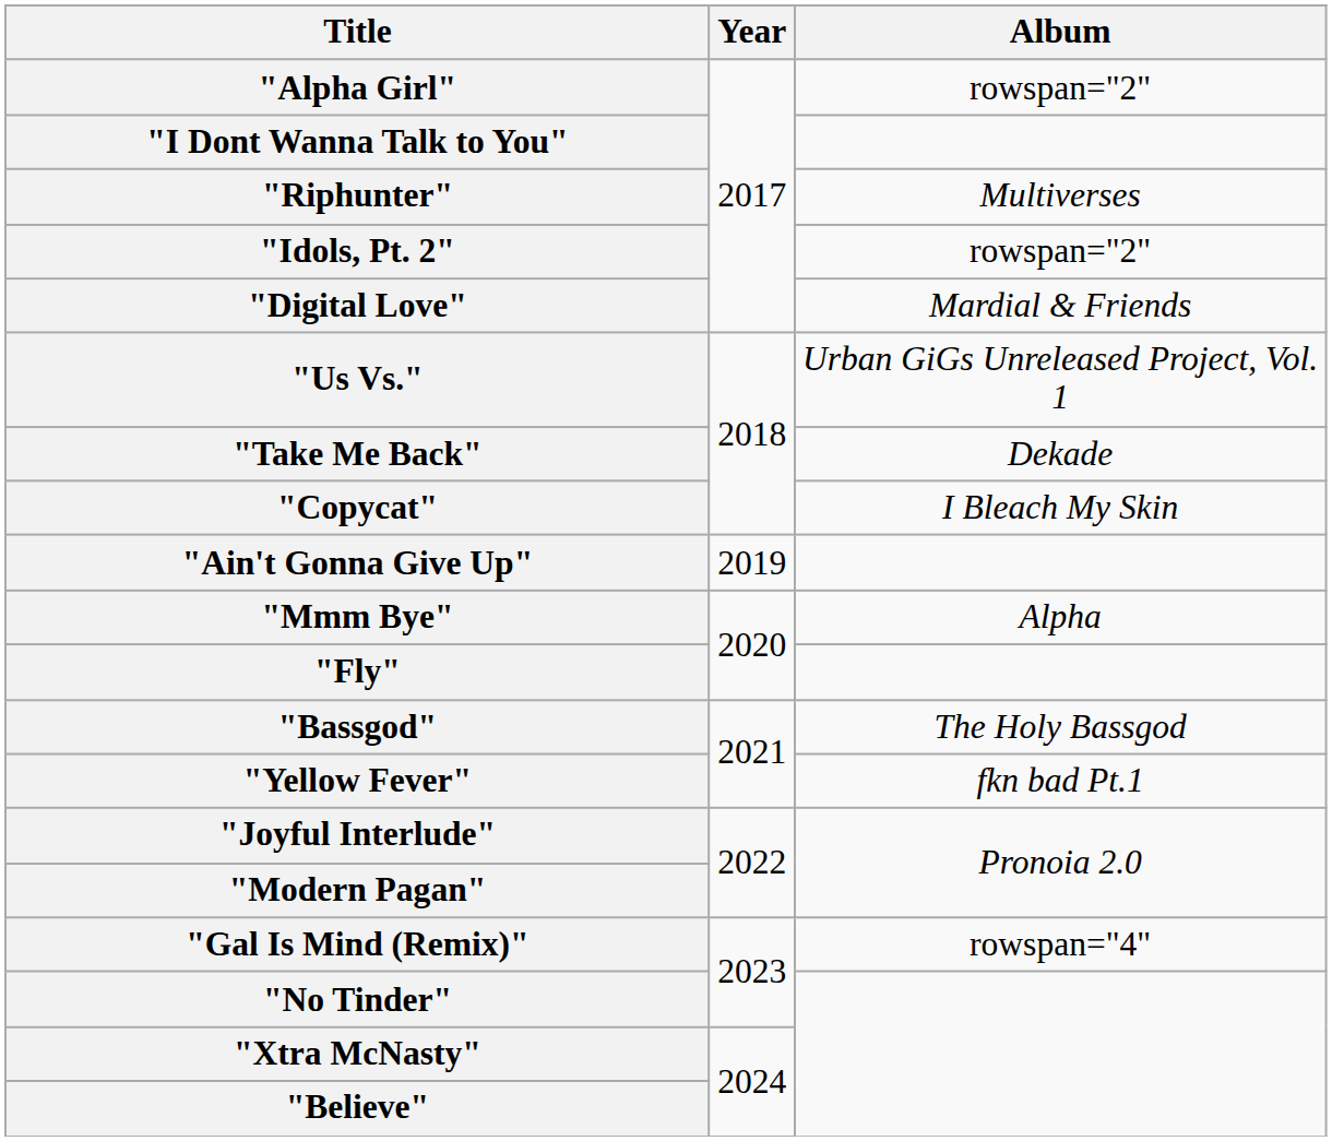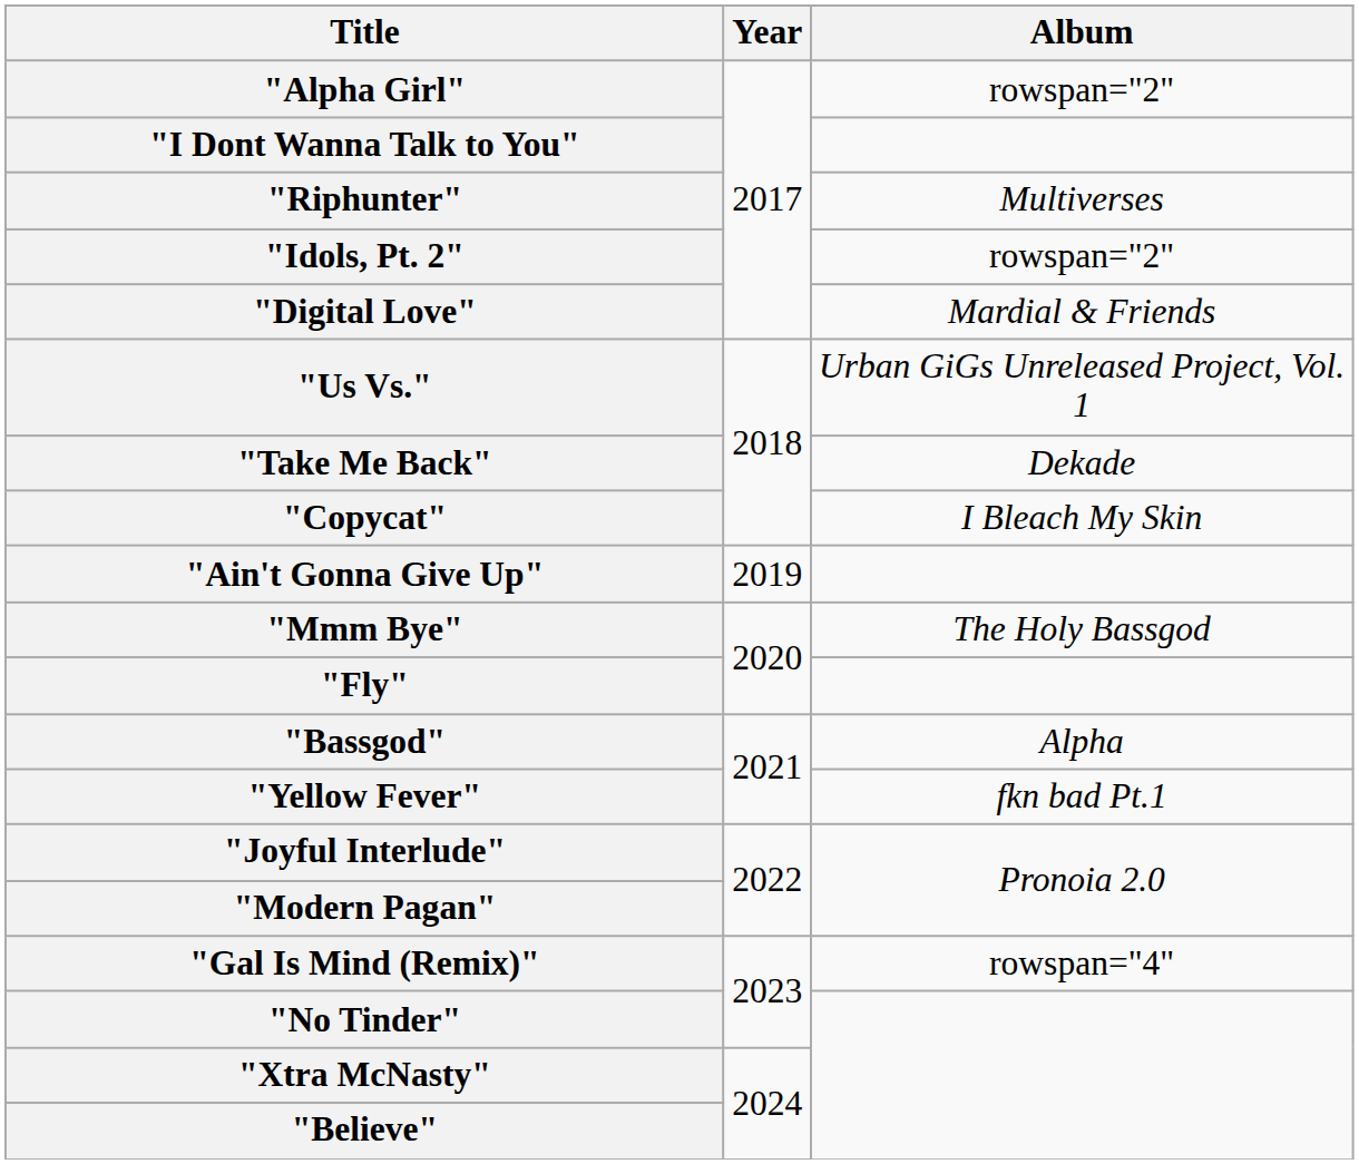 <table class="wikitable plainrowheaders" style="text-align:center">
 <tr>
 <th scope="col" style="width:20em;">Title</th>
 <th scope="col">Year</th>
 <th scope="col" style="width:15em;">Album</th>
 </tr>
 <tr>
 <th scope="row">"Alpha Girl"<br></th>
 <td rowspan="5">2017</td>
 <td>rowspan="2" </td>
 </tr>
 <tr>
 <th scope="row">"I Dont Wanna Talk to You"<br></th>
 </tr>
 <tr>
 <th scope="row">"Riphunter"<br></th>
 <td><em>Multiverses</em></td>
 </tr>
 <tr>
 <th scope="row">"Idols, Pt. 2"<br></th>
 <td>rowspan="2" </td>
 </tr>
 <tr>
 <th scope="row">"Digital Love"<br></th>
 <td><em>Mardial & Friends</em></td>
 </tr>
 <tr>
 <th scope="row">"Us Vs."<br></th>
 <td rowspan="3">2018</td>
 <td><em>Urban GiGs Unreleased Project, Vol. 1</em></td>
 </tr>
 <tr>
 <th scope="row">"Take Me Back"<br></th>
 <td><em>Dekade</em></td>
 </tr>
 <tr>
 <th scope="row">"Copycat"<br></th>
 <td><em>I Bleach My Skin</em></td>
 </tr>
 <tr>
 <th scope="row">"Ain't Gonna Give Up"<br></th>
 <td>2019</td>
 </tr>
 <tr>
 <th scope="row">"Mmm Bye"<br></th>
 <td rowspan="2">2020</td>
-<td><em>Alpha</em></td>
+<td><em>The Holy Bassgod</em></td>
 </tr>
 <tr>
 <th scope="row">"Fly"<br></th>
 <td></td>
 </tr>
 <tr>
 <th scope="row">"Bassgod"<br></th>
 <td rowspan="2">2021</td>
-<td><em>The Holy Bassgod</em></td>
+<td><em>Alpha</em></td>
 </tr>
 <tr>
 <th scope="row">"Yellow Fever"<br></th>
 <td><em>fkn bad Pt.1</em></td>
 </tr>
 <tr>
 <th scope="row">"Joyful Interlude"<br></th>
 <td rowspan="2">2022</td>
 <td rowspan="2"><em>Pronoia 2.0</em></td>
 </tr>
 <tr>
 <th scope="row">"Modern Pagan"<br></th>
 </tr>
 <tr>
 <th scope="row">"Gal Is Mind (Remix)"<br></th>
 <td rowspan="2">2023</td>
 <td>rowspan="4" </td>
 </tr>
 <tr>
 <th scope="row">"No Tinder"<br></th>
 </tr>
 <tr>
 <th scope="row">"Xtra McNasty"<br></th>
 <td rowspan="2">2024</td>
 </tr>
 <tr>
 <th scope="row">"Believe"<br></th>
 </tr>
 <tr>
 </tr>
 </table>
